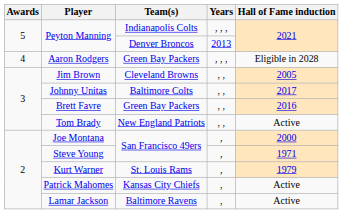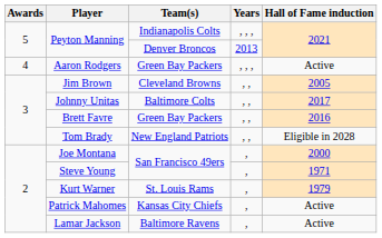 <table class="wikitable sortable">
 <tr>
 <th>Awards</th>
 <th>Player</th>
 <th>Team(s)</th>
 <th>Years</th>
 <th>Hall of Fame induction</th>
 </tr>
 <tr align=center>
 <td rowspan="2">5</td>
 <td rowspan="2"><a href='#'>Peyton Manning</a></td>
 <td><a href='#'>Indianapolis Colts</a></td>
 <td>, , , </td>
 <td bgcolor="#FFE6BD" rowspan="2"><a href='#'>2021</a></td>
 </tr>
 <tr align=center>
 <td><a href='#'>Denver Broncos</a></td>
 <td><a href='#'>2013</a></td>
 </tr>
 <tr align=center>
 <td rowspan=“1”>4</td>
 <td><a href='#'>Aaron Rodgers</a></td>
 <td><a href='#'>Green Bay Packers</a></td>
 <td>, , , </td>
-<td>Eligible in 2028</td>
+<td>Active</td>
 </tr>
 <tr align=center>
 <td rowspan="4”">3</td>
 <td><a href='#'>Jim Brown</a></td>
 <td><a href='#'>Cleveland Browns</a></td>
 <td>, , </td>
 <td bgcolor="#FFE6BD"><a href='#'>2005</a></td>
 </tr>
 <tr align=center>
 <td><a href='#'>Johnny Unitas</a></td>
 <td><a href='#'>Baltimore Colts</a></td>
 <td>, , </td>
 <td bgcolor="#FFE6BD"><a href='#'>2017</a></td>
 </tr>
 <tr align=center>
 <td><a href='#'>Brett Favre</a></td>
 <td rowspan="1”"><a href='#'>Green Bay Packers</a></td>
 <td>, , </td>
 <td bgcolor="#FFE6BD"><a href='#'>2016</a></td>
 </tr>
 <tr align=center>
 <td><a href='#'>Tom Brady</a></td>
 <td><a href='#'>New England Patriots</a></td>
 <td>, , </td>
-<td>Active</td>
+<td>Eligible in 2028</td>
 </tr>
 <tr align=center>
 <td rowspan="5">2</td>
 <td><a href='#'>Joe Montana</a></td>
 <td rowspan="2"><a href='#'>San Francisco 49ers</a></td>
 <td>, </td>
 <td bgcolor="#FFE6BD"><a href='#'>2000</a></td>
 </tr>
 <tr align=center>
 <td><a href='#'>Steve Young</a></td>
 <td>, </td>
 <td bgcolor="#FFE6BD"><a href='#'>1971</a></td>
 </tr>
 <tr align=center>
 <td><a href='#'>Kurt Warner</a></td>
 <td><a href='#'>St. Louis Rams</a></td>
 <td>, </td>
 <td bgcolor="#FFE6BD"><a href='#'>1979</a></td>
 </tr>
 <tr align=center>
 <td><a href='#'>Patrick Mahomes</a></td>
 <td><a href='#'>Kansas City Chiefs</a></td>
 <td>, </td>
 <td>Active</td>
 </tr>
 <tr align=center>
 <td><a href='#'>Lamar Jackson</a></td>
 <td><a href='#'>Baltimore Ravens</a></td>
 <td>, </td>
 <td>Active</td>
 </tr>
 </table>
